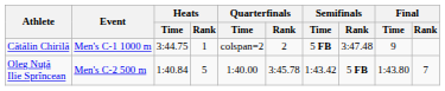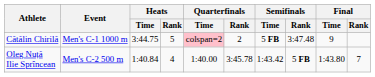 <table class=wikitable style="font-size:90%">
 <tr>
 <th rowspan="2">Athlete</th>
 <th rowspan="2">Event</th>
 <th colspan=2>Heats</th>
 <th colspan=2>Quarterfinals</th>
 <th colspan=2>Semifinals</th>
 <th colspan=2>Final</th>
 </tr>
 <tr style="font-size:95%">
 <th>Time</th>
 <th>Rank</th>
 <th>Time</th>
 <th>Rank</th>
 <th>Time</th>
 <th>Rank</th>
 <th>Time</th>
 <th>Rank</th>
 </tr>
 <tr align=center>
 <td align=left><a href='#'>Cătălin Chirilă</a></td>
 <td align=left><a href='#'>Men's C-1 1000 m</a></td>
 <td>3:44.75</td>
-<td>1</td>
-<td>colspan=2 </td>
+<td>5</td>
+<td style="background: pink;">colspan=2 </td>
 <td>2</td>
 <td>5 <strong>FB</strong></td>
 <td>3:47.48</td>
 <td>9</td>
 </tr>
 <tr align=center>
 <td align=left><a href='#'>Oleg Nuță</a><br><a href='#'>Ilie Sprîncean</a></td>
 <td align=left><a href='#'>Men's C-2 500 m</a></td>
 <td>1:40.84</td>
-<td>5</td>
+<td>4</td>
 <td>1:40.00</td>
 <td>3:45.78</td>
 <td>1:43.42</td>
 <td>5 <strong>FB</strong></td>
 <td>1:43.80</td>
 <td>7</td>
 </tr>
 </table>
